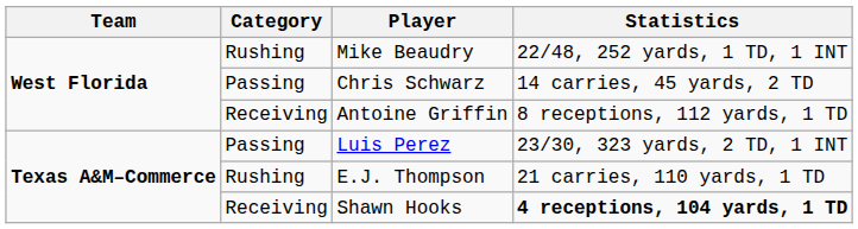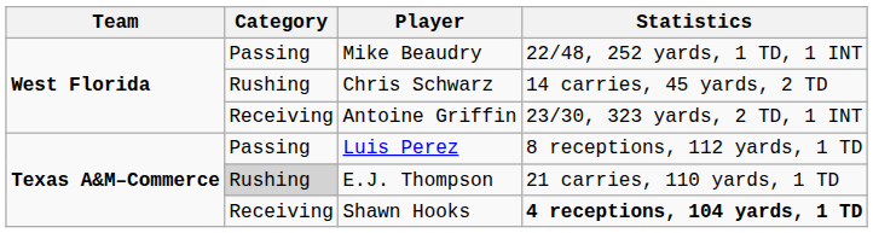 <table class="wikitable" style="float: right;">
 <tr>
 <th>Team</th>
 <th>Category</th>
 <th>Player</th>
 <th>Statistics</th>
 </tr>
 <tr>
 <td rowspan=3><strong>West Florida</strong></td>
-<td>Rushing</td>
+<td>Passing</td>
 <td>Mike Beaudry</td>
 <td>22/48, 252 yards, 1 TD, 1 INT</td>
 </tr>
 <tr>
-<td>Passing</td>
+<td>Rushing</td>
 <td>Chris Schwarz</td>
 <td>14 carries, 45 yards, 2 TD</td>
 </tr>
 <tr>
 <td>Receiving</td>
 <td>Antoine Griffin</td>
-<td>8 receptions, 112 yards, 1 TD</td>
+<td>23/30, 323 yards, 2 TD, 1 INT</td>
 </tr>
 <tr>
 <td rowspan=3><strong>Texas A&M–Commerce</strong></td>
 <td>Passing</td>
 <td><a href='#'>Luis Perez</a></td>
-<td>23/30, 323 yards, 2 TD, 1 INT</td>
+<td>8 receptions, 112 yards, 1 TD</td>
 </tr>
 <tr>
-<td>Rushing</td>
+<td style="background: lightgrey;">Rushing</td>
 <td>E.J. Thompson</td>
 <td>21 carries, 110 yards, 1 TD</td>
 </tr>
 <tr>
 <td>Receiving</td>
 <td>Shawn Hooks</td>
 <td><strong>4 receptions, 104 yards, 1 TD</strong></td>
 </tr>
 </table>
